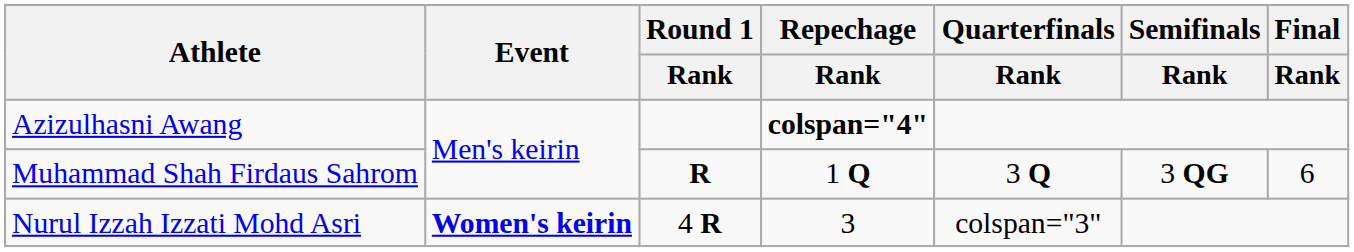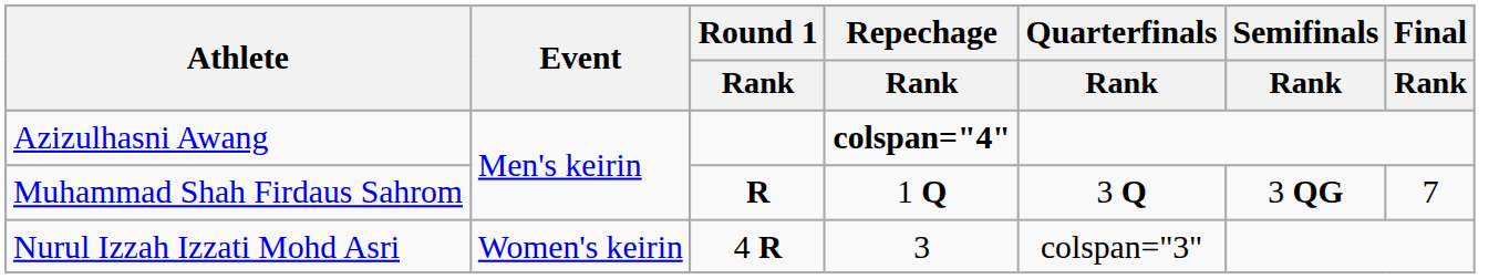 <table class=wikitable style=font-size:90%;text-align:center>
 <tr>
 <th rowspan=2>Athlete</th>
 <th rowspan=2>Event</th>
 <th>Round 1</th>
 <th>Repechage</th>
 <th>Quarterfinals</th>
 <th>Semifinals</th>
 <th>Final</th>
 </tr>
 <tr style=font-size:95%>
 <th>Rank</th>
 <th>Rank</th>
 <th>Rank</th>
 <th>Rank</th>
 <th>Rank</th>
 </tr>
 <tr>
 <td align=left><a href='#'>Azizulhasni Awang</a></td>
 <td align=left rowspan=2><a href='#'>Men's keirin</a></td>
 <td></td>
 <td><strong>colspan="4" </strong></td>
 </tr>
 <tr>
 <td align=left><a href='#'>Muhammad Shah Firdaus Sahrom</a></td>
 <td> <strong>R</strong></td>
 <td>1 <strong>Q</strong></td>
 <td>3 <strong>Q</strong></td>
 <td>3 <strong>QG</strong></td>
-<td>6 </td>
+<td>7 </td>
 </tr>
 <tr>
 <td align=left><a href='#'>Nurul Izzah Izzati Mohd Asri</a></td>
-<td align=left><strong><a href='#'>Women's keirin</a></strong></td>
+<td align=left><a href='#'>Women's keirin</a></td>
 <td>4 <strong>R</strong></td>
 <td>3</td>
 <td>colspan="3" </td>
 </tr>
 </table>
